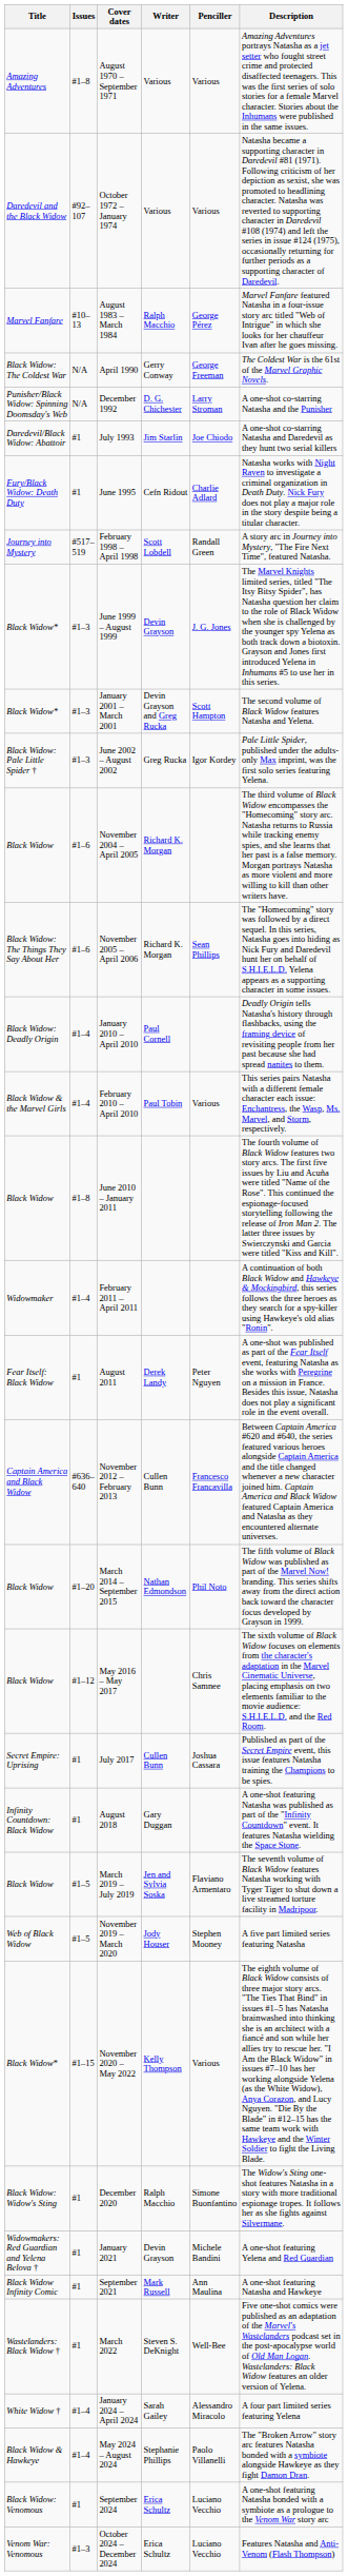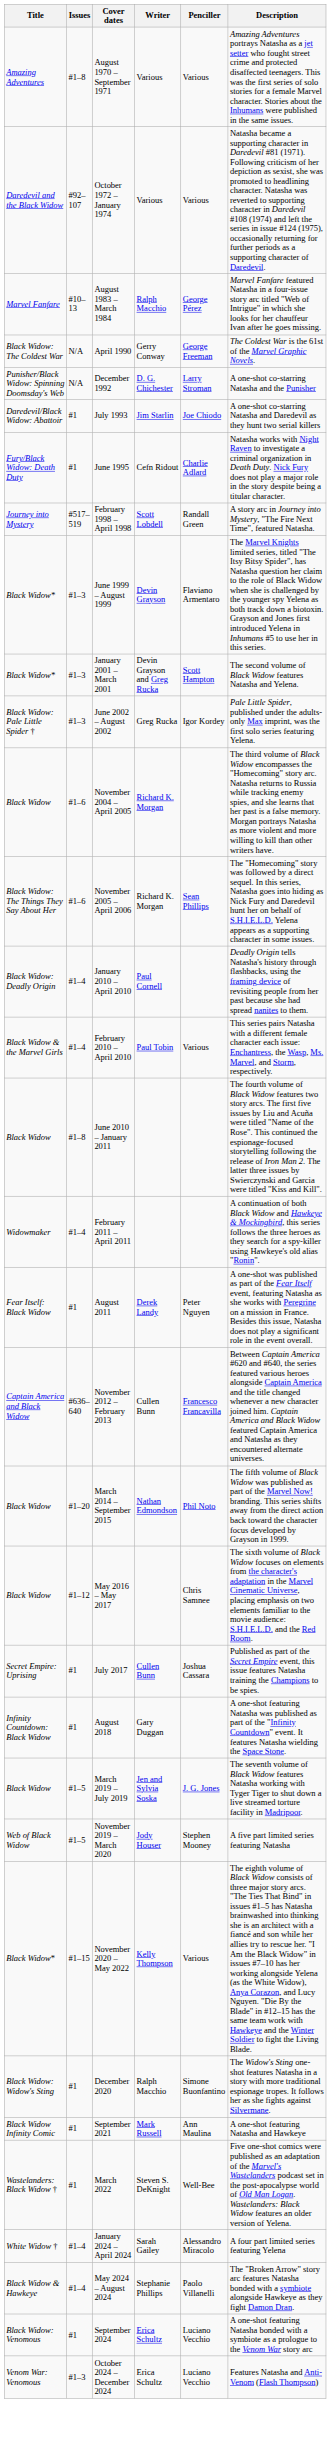 <table class="wikitable">
 <tr>
 <th>Title</th>
 <th>Issues</th>
 <th>Cover dates</th>
 <th>Writer</th>
 <th>Penciller</th>
 <th>Description</th>
 </tr>
 <tr>
 <td><em><a href='#'>Amazing Adventures</a></em></td>
 <td>#1–8</td>
 <td>August 1970 – September 1971</td>
 <td>Various</td>
 <td>Various</td>
 <td><em>Amazing Adventures</em> portrays Natasha as a <a href='#'>jet setter</a> who fought street crime and protected disaffected teenagers. This was the first series of solo stories for a female Marvel character. Stories about the <a href='#'>Inhumans</a> were published in the same issues.</td>
 </tr>
 <tr>
 <td><em><a href='#'>Daredevil and the Black Widow</a></em></td>
 <td>#92–107</td>
 <td>October 1972 – January 1974</td>
 <td>Various</td>
 <td>Various</td>
 <td>Natasha became a supporting character in <em>Daredevil</em> #81 (1971). Following criticism of her depiction as sexist, she was promoted to headlining character. Natasha was reverted to supporting character in <em>Daredevil</em> #108 (1974) and left the series in issue #124 (1975), occasionally returning for further periods as a supporting character of <a href='#'>Daredevil</a>.</td>
 </tr>
 <tr>
 <td><em><a href='#'>Marvel Fanfare</a></em></td>
 <td>#10–13</td>
 <td>August 1983 – March 1984</td>
 <td><a href='#'>Ralph Macchio</a></td>
 <td><a href='#'>George Pérez</a></td>
 <td><em>Marvel Fanfare</em> featured Natasha in a four-issue story arc titled "Web of Intrigue" in which she looks for her chauffeur Ivan after he goes missing.</td>
 </tr>
 <tr>
 <td><em>Black Widow: The Coldest War</em></td>
 <td>N/A</td>
 <td>April 1990</td>
 <td>Gerry Conway</td>
 <td><a href='#'>George Freeman</a></td>
 <td><em>The Coldest War</em> is the 61st of the <em><a href='#'>Marvel Graphic Novels</a></em>.</td>
 </tr>
 <tr>
 <td><em>Punisher/Black Widow: Spinning Doomsday's Web</em></td>
 <td>N/A</td>
 <td>December 1992</td>
 <td><a href='#'>D. G. Chichester</a></td>
 <td><a href='#'>Larry Stroman</a></td>
 <td>A one-shot co-starring Natasha and the <a href='#'>Punisher</a></td>
 </tr>
 <tr>
 <td><em>Daredevil/Black Widow: Abattoir</em></td>
 <td>#1</td>
 <td>July 1993</td>
 <td><a href='#'>Jim Starlin</a></td>
 <td><a href='#'>Joe Chiodo</a></td>
 <td>A one-shot co-starring Natasha and Daredevil as they hunt two serial killers</td>
 </tr>
 <tr>
 <td><em><a href='#'>Fury/Black Widow: Death Duty</a></em></td>
 <td>#1</td>
 <td>June 1995</td>
 <td>Cefn Ridout</td>
 <td><a href='#'>Charlie Adlard</a></td>
 <td>Natasha works with <a href='#'>Night Raven</a> to investigate a criminal organization in <em>Death Duty</em>. <a href='#'>Nick Fury</a> does not play a major role in the story despite being a titular character.</td>
 </tr>
 <tr>
 <td><em><a href='#'>Journey into Mystery</a></em></td>
 <td>#517–519</td>
 <td>February 1998 – April 1998</td>
 <td><a href='#'>Scott Lobdell</a></td>
 <td>Randall Green</td>
 <td>A story arc in <em>Journey into Mystery</em>, "The Fire Next Time", featured Natasha.</td>
 </tr>
 <tr>
 <td><em>Black Widow*</em></td>
 <td>#1–3</td>
 <td>June 1999 – August 1999</td>
 <td><a href='#'>Devin Grayson</a></td>
-<td><a href='#'>J. G. Jones</a></td>
+<td>Flaviano Armentaro</td>
 <td>The <a href='#'>Marvel Knights</a> limited series, titled "The Itsy Bitsy Spider", has Natasha question her claim to the role of Black Widow when she is challenged by the younger spy Yelena as both track down a biotoxin. Grayson and Jones first introduced Yelena in <em>Inhumans</em> #5 to use her in this series.</td>
 </tr>
 <tr>
 <td><em>Black Widow*</em></td>
 <td>#1–3</td>
 <td>January 2001 – March 2001</td>
 <td>Devin Grayson and <a href='#'>Greg Rucka</a></td>
 <td><a href='#'>Scott Hampton</a></td>
 <td>The second volume of <em>Black Widow</em> features Natasha and Yelena.</td>
 </tr>
 <tr>
 <td><em>Black Widow: Pale Little Spider</em> †</td>
 <td>#1–3</td>
 <td>June 2002 – August 2002</td>
 <td>Greg Rucka</td>
 <td>Igor Kordey</td>
 <td><em>Pale Little Spider</em>, published under the adults-only <a href='#'>Max</a> imprint, was the first solo series featuring Yelena.</td>
 </tr>
 <tr>
 <td><em>Black Widow</em></td>
 <td>#1–6</td>
 <td>November 2004 – April 2005</td>
 <td><a href='#'>Richard K. Morgan</a></td>
 <td></td>
 <td>The third volume of <em>Black Widow</em> encompasses the "Homecoming" story arc. Natasha returns to Russia while tracking enemy spies, and she learns that her past is a false memory. Morgan portrays Natasha as more violent and more willing to kill than other writers have.</td>
 </tr>
 <tr>
 <td><em>Black Widow: The Things They Say About Her</em></td>
 <td>#1–6</td>
 <td>November 2005 – April 2006</td>
 <td>Richard K. Morgan</td>
 <td><a href='#'>Sean Phillips</a></td>
 <td>The "Homecoming" story was followed by a direct sequel. In this series, Natasha goes into hiding as Nick Fury and Daredevil hunt her on behalf of <a href='#'>S.H.I.E.L.D.</a> Yelena appears as a supporting character in some issues.</td>
 </tr>
 <tr>
 <td><em>Black Widow: Deadly Origin</em></td>
 <td>#1–4</td>
 <td>January 2010 – April 2010</td>
 <td><a href='#'>Paul Cornell</a></td>
 <td></td>
 <td><em>Deadly Origin</em> tells Natasha's history through flashbacks, using the <a href='#'>framing device</a> of revisiting people from her past because she had spread <a href='#'>nanites</a> to them.</td>
 </tr>
 <tr>
 <td><em>Black Widow & the Marvel Girls</em></td>
 <td>#1–4</td>
 <td>February 2010 – April 2010</td>
 <td><a href='#'>Paul Tobin</a></td>
 <td>Various</td>
 <td>This series pairs Natasha with a different female character each issue: <a href='#'>Enchantress</a>, the <a href='#'>Wasp</a>, <a href='#'>Ms. Marvel</a>, and <a href='#'>Storm</a>, respectively.</td>
 </tr>
 <tr>
 <td><em>Black Widow</em></td>
 <td>#1–8</td>
 <td>June 2010 – January 2011</td>
 <td></td>
 <td></td>
 <td>The fourth volume of <em>Black Widow</em> features two story arcs. The first five issues by Liu and Acuña were titled "Name of the Rose". This continued the espionage-focused storytelling following the release of <em>Iron Man 2</em>. The latter three issues by Swierczynski and Garcia were titled "Kiss and Kill".</td>
 </tr>
 <tr>
 <td><em>Widowmaker</em></td>
 <td>#1–4</td>
 <td>February 2011 – April 2011</td>
 <td></td>
 <td></td>
 <td>A continuation of both <em>Black Widow</em> and <em><a href='#'>Hawkeye & Mockingbird</a></em>, this series follows the three heroes as they search for a spy-killer using Hawkeye's old alias "<a href='#'>Ronin</a>".</td>
 </tr>
 <tr>
 <td><em>Fear Itself: Black Widow</em></td>
 <td>#1</td>
 <td>August 2011</td>
 <td><a href='#'>Derek Landy</a></td>
 <td>Peter Nguyen</td>
 <td>A one-shot was published as part of the <em><a href='#'>Fear Itself</a></em> event, featuring Natasha as she works with <a href='#'>Peregrine</a> on a mission in France. Besides this issue, Natasha does not play a significant role in the event overall.</td>
 </tr>
 <tr>
 <td><em><a href='#'>Captain America and Black Widow</a></em></td>
 <td>#636–640</td>
 <td>November 2012 – February 2013</td>
 <td>Cullen Bunn</td>
 <td><a href='#'>Francesco Francavilla</a></td>
 <td>Between <em>Captain America</em> #620 and #640, the series featured various heroes alongside <a href='#'>Captain America</a> and the title changed whenever a new character joined him. <em>Captain America and Black Widow</em> featured Captain America and Natasha as they encountered alternate universes.</td>
 </tr>
 <tr>
 <td><em>Black Widow</em></td>
 <td>#1–20</td>
 <td>March 2014 – September 2015</td>
 <td><a href='#'>Nathan Edmondson</a></td>
 <td><a href='#'>Phil Noto</a></td>
 <td>The fifth volume of <em>Black Widow</em> was published as part of the <a href='#'>Marvel Now!</a> branding. This series shifts away from the direct action back toward the character focus developed by Grayson in 1999.</td>
 </tr>
 <tr>
 <td><em>Black Widow</em></td>
 <td>#1–12</td>
 <td>May 2016 – May 2017</td>
 <td></td>
 <td>Chris Samnee</td>
 <td>The sixth volume of <em>Black Widow</em> focuses on elements from <a href='#'>the character's adaptation</a> in the <a href='#'>Marvel Cinematic Universe</a>, placing emphasis on two elements familiar to the movie audience: <a href='#'>S.H.I.E.L.D.</a> and the <a href='#'>Red Room</a>.</td>
 </tr>
 <tr>
 <td><em>Secret Empire: Uprising</em></td>
 <td>#1</td>
 <td>July 2017</td>
 <td><a href='#'>Cullen Bunn</a></td>
 <td>Joshua Cassara</td>
 <td>Published as part of the <em><a href='#'>Secret Empire</a></em> event, this issue features Natasha training the <a href='#'>Champions</a> to be spies.</td>
 </tr>
 <tr>
 <td><em>Infinity Countdown: Black Widow</em></td>
 <td>#1</td>
 <td>August 2018</td>
 <td>Gary Duggan</td>
 <td></td>
 <td>A one-shot featuring Natasha was published as part of the "<a href='#'>Infinity Countdown</a>" event. It features Natasha wielding the <a href='#'>Space Stone</a>.</td>
 </tr>
 <tr>
 <td><em>Black Widow</em></td>
 <td>#1–5</td>
 <td>March 2019 – July 2019</td>
 <td><a href='#'>Jen and Sylvia Soska</a></td>
-<td>Flaviano Armentaro</td>
+<td><a href='#'>J. G. Jones</a></td>
 <td>The seventh volume of <em>Black Widow</em> features Natasha working with Tyger Tiger to shut down a live streamed torture facility in <a href='#'>Madripoor</a>.</td>
 </tr>
 <tr>
 <td><em>Web of Black Widow</em></td>
 <td>#1–5</td>
 <td>November 2019 – March 2020</td>
 <td><a href='#'>Jody Houser</a></td>
 <td>Stephen Mooney</td>
 <td>A five part limited series featuring Natasha</td>
 </tr>
 <tr>
 <td><em>Black Widow</em>*</td>
 <td>#1–15</td>
 <td>November 2020 – May 2022</td>
 <td><a href='#'>Kelly Thompson</a></td>
 <td>Various</td>
 <td>The eighth volume of <em>Black Widow</em> consists of three major story arcs. "The Ties That Bind" in issues #1–5 has Natasha brainwashed into thinking she is an architect with a fiancé and son while her allies try to rescue her. "I Am the Black Widow" in issues #7–10 has her working alongside Yelena (as the White Widow), <a href='#'>Anya Corazon</a>, and Lucy Nguyen. "Die By the Blade" in #12–15 has the same team work with <a href='#'>Hawkeye</a> and the <a href='#'>Winter Soldier</a> to fight the Living Blade.</td>
 </tr>
 <tr>
 <td><em>Black Widow: Widow's Sting</em></td>
 <td>#1</td>
 <td>December 2020</td>
 <td>Ralph Macchio</td>
 <td>Simone Buonfantino</td>
 <td>The <em>Widow's Sting</em> one-shot features Natasha in a story with more traditional espionage tropes. It follows her as she fights against <a href='#'>Silvermane</a>.</td>
-</tr>
-<tr>
-<td><em>Widowmakers: Red Guardian and Yelena Belova</em> †</td>
-<td>#1</td>
-<td>January 2021</td>
-<td>Devin Grayson</td>
-<td>Michele Bandini</td>
-<td>A one-shot featuring Yelena and <a href='#'>Red Guardian</a></td>
 </tr>
 <tr>
 <td><em>Black Widow Infinity Comic</em></td>
 <td>#1</td>
 <td>September 2021</td>
 <td><a href='#'>Mark Russell</a></td>
 <td>Ann Maulina</td>
 <td>A one-shot featuring Natasha and Hawkeye</td>
 </tr>
 <tr>
 <td><em>Wastelanders: Black Widow</em> †</td>
 <td>#1</td>
 <td>March 2022</td>
 <td>Steven S. DeKnight</td>
 <td>Well-Bee</td>
 <td>Five one-shot comics were published as an adaptation of the <em><a href='#'>Marvel's Wastelanders</a></em> podcast set in the post-apocalypse world of <em><a href='#'>Old Man Logan</a></em>. <em>Wastelanders: Black Widow</em> features an older version of Yelena.</td>
 </tr>
 <tr>
 <td><em>White Widow</em> †</td>
 <td>#1–4</td>
 <td>January 2024 – April 2024</td>
 <td>Sarah Gailey</td>
 <td>Alessandro Miracolo</td>
 <td>A four part limited series featuring Yelena</td>
 </tr>
 <tr>
 <td><em>Black Widow & Hawkeye</em></td>
 <td>#1–4</td>
 <td>May 2024 – August 2024</td>
 <td>Stephanie Phillips</td>
 <td>Paolo Villanelli</td>
 <td>The "Broken Arrow" story arc features Natasha bonded with a <a href='#'>symbiote</a> alongside Hawkeye as they fight <a href='#'>Damon Dran</a>.</td>
 </tr>
 <tr>
 <td><em>Black Widow: Venomous</em></td>
 <td>#1</td>
 <td>September 2024</td>
 <td><a href='#'>Erica Schultz</a></td>
 <td>Luciano Vecchio</td>
 <td>A one-shot featuring Natasha bonded with a symbiote as a prologue to the <em><a href='#'>Venom War</a></em> story arc</td>
 </tr>
 <tr>
 <td><em>Venom War: Venomous</em></td>
 <td>#1–3</td>
 <td>October 2024 – December 2024</td>
 <td>Erica Schultz</td>
 <td>Luciano Vecchio</td>
 <td>Features Natasha and <a href='#'>Anti-Venom</a> (<a href='#'>Flash Thompson</a>)</td>
 </tr>
 </table>
